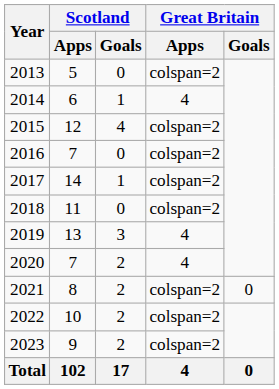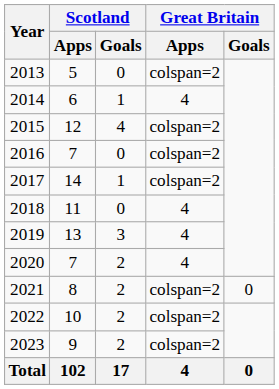 <table class="wikitable" style="text-align:center">
 <tr>
 <th rowspan=2>Year</th>
 <th colspan=2><a href='#'>Scotland</a></th>
 <th colspan=2><a href='#'>Great Britain</a></th>
 </tr>
 <tr>
 <th>Apps</th>
 <th>Goals</th>
 <th>Apps</th>
 <th>Goals</th>
 </tr>
 <tr>
 <td>2013</td>
 <td>5</td>
 <td>0</td>
 <td>colspan=2</td>
 </tr>
 <tr>
 <td>2014</td>
 <td>6</td>
 <td>1</td>
 <td>4</td>
 </tr>
 <tr>
 <td>2015</td>
 <td>12</td>
 <td>4</td>
 <td>colspan=2</td>
 </tr>
 <tr>
 <td>2016</td>
 <td>7</td>
 <td>0</td>
 <td>colspan=2</td>
 </tr>
 <tr>
 <td>2017</td>
 <td>14</td>
 <td>1</td>
 <td>colspan=2</td>
 </tr>
 <tr>
 <td>2018</td>
 <td>11</td>
 <td>0</td>
-<td>colspan=2</td>
+<td>4</td>
 </tr>
 <tr>
 <td>2019</td>
 <td>13</td>
 <td>3</td>
 <td>4</td>
 </tr>
 <tr>
 <td>2020</td>
 <td>7</td>
 <td>2</td>
 <td>4</td>
 </tr>
 <tr>
 <td>2021</td>
 <td>8</td>
 <td>2</td>
 <td>colspan=2</td>
 <td>0</td>
 </tr>
 <tr>
 <td>2022</td>
 <td>10</td>
 <td>2</td>
 <td>colspan=2</td>
 </tr>
 <tr>
 <td>2023</td>
 <td>9</td>
 <td>2</td>
 <td>colspan=2</td>
 </tr>
 <tr>
 <th>Total</th>
 <th>102</th>
 <th>17</th>
 <th>4</th>
 <th>0</th>
 </tr>
 </table>
